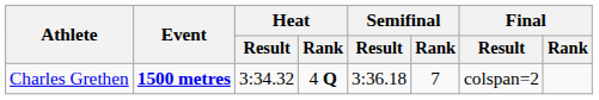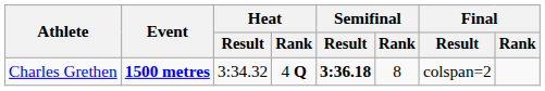 <table class="wikitable" style="font-size:90%">
 <tr>
 <th rowspan="2">Athlete</th>
 <th rowspan="2">Event</th>
 <th colspan="2">Heat</th>
 <th colspan="2">Semifinal</th>
 <th colspan="2">Final</th>
 </tr>
 <tr style="font-size:95%">
 <th>Result</th>
 <th>Rank</th>
 <th>Result</th>
 <th>Rank</th>
 <th>Result</th>
 <th>Rank</th>
 </tr>
 <tr align=center>
 <td align=left><a href='#'>Charles Grethen</a></td>
 <td align=left><strong><a href='#'>1500 metres</a></strong></td>
 <td>3:34.32 </td>
 <td>4 <strong>Q</strong></td>
-<td>3:36.18</td>
-<td>7</td>
+<td><strong>3:36.18</strong></td>
+<td>8</td>
 <td>colspan=2 </td>
 </tr>
 </table>
